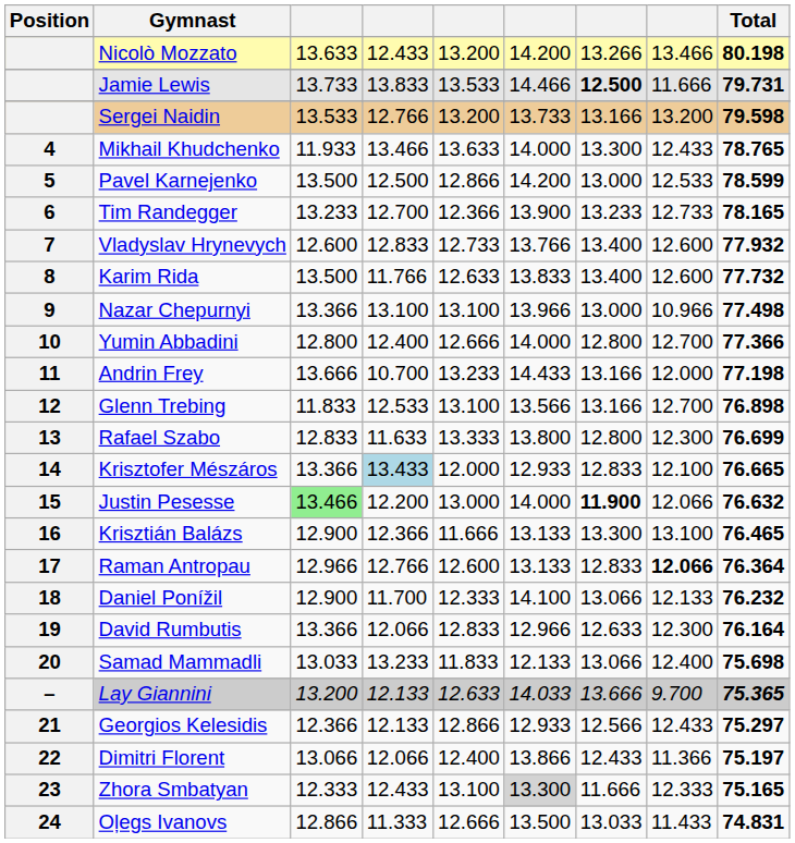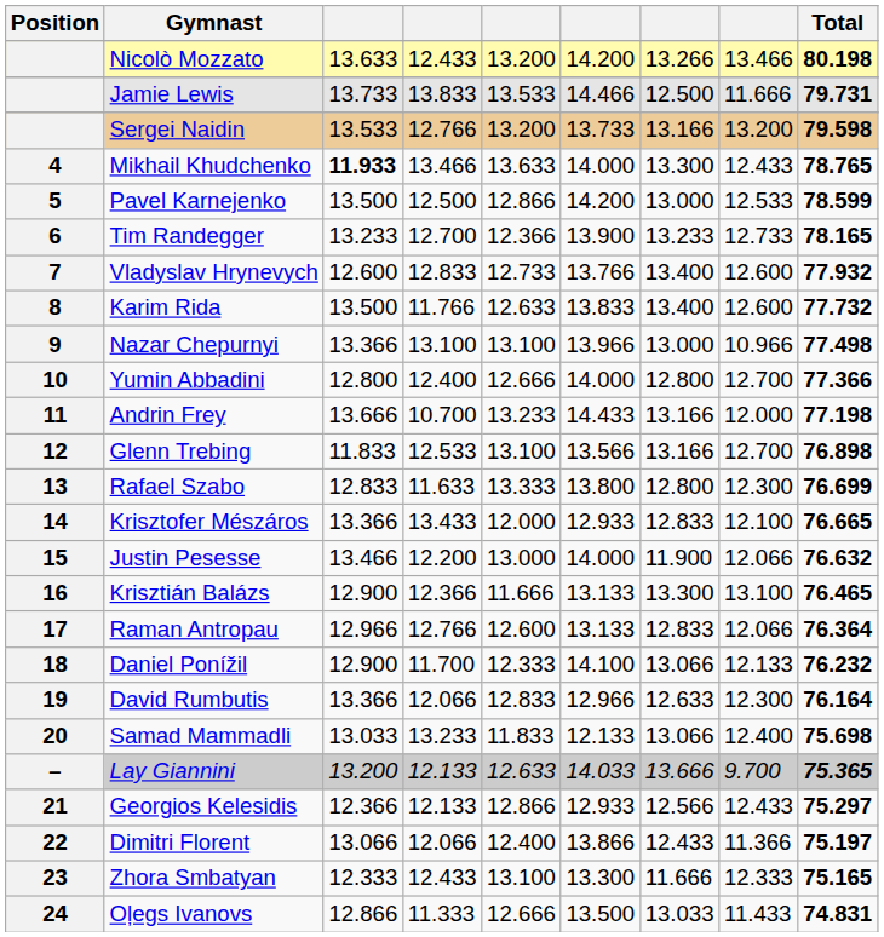 <table class="wikitable sortable">
 <tr>
 <th>Position</th>
 <th>Gymnast</th>
 <th></th>
 <th></th>
 <th></th>
 <th></th>
 <th></th>
 <th></th>
 <th>Total</th>
 </tr>
 <tr>
 </tr>
 <tr style="background:#fffcaf;">
 <th scope="row" style="text-align:center"></th>
 <td> <a href='#'>Nicolò Mozzato</a></td>
 <td>13.633</td>
 <td>12.433</td>
 <td>13.200</td>
 <td>14.200</td>
 <td>13.266</td>
 <td>13.466</td>
 <td><strong>80.198</strong></td>
 </tr>
 <tr>
 </tr>
 <tr style="background:#e5e5e5;">
 <th scope="row" style="text-align:center"></th>
 <td> <a href='#'>Jamie Lewis</a></td>
 <td>13.733</td>
 <td>13.833</td>
 <td>13.533</td>
 <td>14.466</td>
-<td><strong>12.500</strong></td>
+<td>12.500</td>
 <td>11.666</td>
 <td><strong>79.731</strong></td>
 </tr>
 <tr>
 </tr>
 <tr style="background:#ec9;">
 <th scope="row" style="text-align:center"></th>
 <td> <a href='#'>Sergei Naidin</a></td>
 <td>13.533</td>
 <td>12.766</td>
 <td>13.200</td>
 <td>13.733</td>
 <td>13.166</td>
 <td>13.200</td>
 <td><strong>79.598</strong></td>
 </tr>
 <tr>
 <th>4</th>
 <td> <a href='#'>Mikhail Khudchenko</a></td>
-<td>11.933</td>
+<td><strong>11.933</strong></td>
 <td>13.466</td>
 <td>13.633</td>
 <td>14.000</td>
 <td>13.300</td>
 <td>12.433</td>
 <td><strong>78.765</strong></td>
 </tr>
 <tr>
 <th>5</th>
 <td> <a href='#'>Pavel Karnejenko</a></td>
 <td>13.500</td>
 <td>12.500</td>
 <td>12.866</td>
 <td>14.200</td>
 <td>13.000</td>
 <td>12.533</td>
 <td><strong>78.599</strong></td>
 </tr>
 <tr>
 <th>6</th>
 <td> <a href='#'>Tim Randegger</a></td>
 <td>13.233</td>
 <td>12.700</td>
 <td>12.366</td>
 <td>13.900</td>
 <td>13.233</td>
 <td>12.733</td>
 <td><strong>78.165</strong></td>
 </tr>
 <tr>
 <th>7</th>
 <td> <a href='#'>Vladyslav Hrynevych</a></td>
 <td>12.600</td>
 <td>12.833</td>
 <td>12.733</td>
 <td>13.766</td>
 <td>13.400</td>
 <td>12.600</td>
 <td><strong>77.932</strong></td>
 </tr>
 <tr>
 <th>8</th>
 <td> <a href='#'>Karim Rida</a></td>
 <td>13.500</td>
 <td>11.766</td>
 <td>12.633</td>
 <td>13.833</td>
 <td>13.400</td>
 <td>12.600</td>
 <td><strong>77.732</strong></td>
 </tr>
 <tr>
 <th>9</th>
 <td> <a href='#'>Nazar Chepurnyi</a></td>
 <td>13.366</td>
 <td>13.100</td>
 <td>13.100</td>
 <td>13.966</td>
 <td>13.000</td>
 <td>10.966</td>
 <td><strong>77.498</strong></td>
 </tr>
 <tr>
 <th>10</th>
 <td> <a href='#'>Yumin Abbadini</a></td>
 <td>12.800</td>
 <td>12.400</td>
 <td>12.666</td>
 <td>14.000</td>
 <td>12.800</td>
 <td>12.700</td>
 <td><strong>77.366</strong></td>
 </tr>
 <tr>
 <th>11</th>
 <td> <a href='#'>Andrin Frey</a></td>
 <td>13.666</td>
 <td>10.700</td>
 <td>13.233</td>
 <td>14.433</td>
 <td>13.166</td>
 <td>12.000</td>
 <td><strong>77.198</strong></td>
 </tr>
 <tr>
 <th>12</th>
 <td> <a href='#'>Glenn Trebing</a></td>
 <td>11.833</td>
 <td>12.533</td>
 <td>13.100</td>
 <td>13.566</td>
 <td>13.166</td>
 <td>12.700</td>
 <td><strong>76.898</strong></td>
 </tr>
 <tr>
 <th>13</th>
 <td> <a href='#'>Rafael Szabo</a></td>
 <td>12.833</td>
 <td>11.633</td>
 <td>13.333</td>
 <td>13.800</td>
 <td>12.800</td>
 <td>12.300</td>
 <td><strong>76.699</strong></td>
 </tr>
 <tr>
 <th>14</th>
 <td> <a href='#'>Krisztofer Mészáros</a></td>
 <td>13.366</td>
-<td style="background: lightblue;">13.433</td>
+<td>13.433</td>
 <td>12.000</td>
 <td>12.933</td>
 <td>12.833</td>
 <td>12.100</td>
 <td><strong>76.665</strong></td>
 </tr>
 <tr>
 <th>15</th>
 <td> <a href='#'>Justin Pesesse</a></td>
-<td style="background: lightgreen;">13.466</td>
+<td>13.466</td>
 <td>12.200</td>
 <td>13.000</td>
 <td>14.000</td>
-<td><strong>11.900</strong></td>
+<td>11.900</td>
 <td>12.066</td>
 <td><strong>76.632</strong></td>
 </tr>
 <tr>
 <th>16</th>
 <td> <a href='#'>Krisztián Balázs</a></td>
 <td>12.900</td>
 <td>12.366</td>
 <td>11.666</td>
 <td>13.133</td>
 <td>13.300</td>
 <td>13.100</td>
 <td><strong>76.465</strong></td>
 </tr>
 <tr>
 <th>17</th>
 <td> <a href='#'>Raman Antropau</a></td>
 <td>12.966</td>
 <td>12.766</td>
 <td>12.600</td>
 <td>13.133</td>
 <td>12.833</td>
-<td><strong>12.066</strong></td>
+<td>12.066</td>
 <td><strong>76.364</strong></td>
 </tr>
 <tr>
 <th>18</th>
 <td> <a href='#'>Daniel Ponížil</a></td>
 <td>12.900</td>
 <td>11.700</td>
 <td>12.333</td>
 <td>14.100</td>
 <td>13.066</td>
 <td>12.133</td>
 <td><strong>76.232</strong></td>
 </tr>
 <tr>
 <th>19</th>
 <td> <a href='#'>David Rumbutis</a></td>
 <td>13.366</td>
 <td>12.066</td>
 <td>12.833</td>
 <td>12.966</td>
 <td>12.633</td>
 <td>12.300</td>
 <td><strong>76.164</strong></td>
 </tr>
 <tr>
 <th>20</th>
 <td> <a href='#'>Samad Mammadli</a></td>
 <td>13.033</td>
 <td>13.233</td>
 <td>11.833</td>
 <td>12.133</td>
 <td>13.066</td>
 <td>12.400</td>
 <td><strong>75.698</strong></td>
 </tr>
 <tr style="background:#cccccc;">
 <th scope="row" style="text-align:center"><strong>–</strong></th>
 <td><em> <a href='#'>Lay Giannini</a></em></td>
 <td><em>13.200</em></td>
 <td><em>12.133</em></td>
 <td><em>12.633</em></td>
 <td><em>14.033</em></td>
 <td><em>13.666</em></td>
 <td><em>9.700</em></td>
 <td><strong><em>75.365</em></strong></td>
 </tr>
 <tr>
 <th>21</th>
 <td> <a href='#'>Georgios Kelesidis</a></td>
 <td>12.366</td>
 <td>12.133</td>
 <td>12.866</td>
 <td>12.933</td>
 <td>12.566</td>
 <td>12.433</td>
 <td><strong>75.297</strong></td>
 </tr>
 <tr>
 <th>22</th>
 <td> <a href='#'>Dimitri Florent</a></td>
 <td>13.066</td>
 <td>12.066</td>
 <td>12.400</td>
 <td>13.866</td>
 <td>12.433</td>
 <td>11.366</td>
 <td><strong>75.197</strong></td>
 </tr>
 <tr>
 <th>23</th>
 <td> <a href='#'>Zhora Smbatyan</a></td>
 <td>12.333</td>
 <td>12.433</td>
 <td>13.100</td>
-<td style="background: lightgrey;">13.300</td>
+<td>13.300</td>
 <td>11.666</td>
 <td>12.333</td>
 <td><strong>75.165</strong></td>
 </tr>
 <tr>
 <th>24</th>
 <td> <a href='#'>Oļegs Ivanovs</a></td>
 <td>12.866</td>
 <td>11.333</td>
 <td>12.666</td>
 <td>13.500</td>
 <td>13.033</td>
 <td>11.433</td>
 <td><strong>74.831</strong></td>
 </tr>
 </table>
